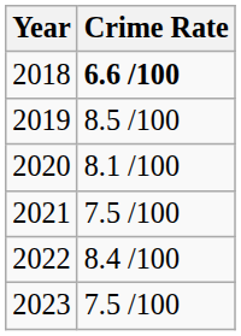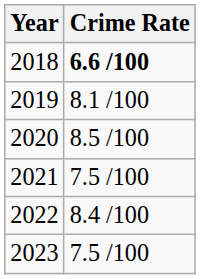 <table class="wikitable">
 <tr>
 <th>Year</th>
 <th>Crime Rate</th>
 </tr>
 <tr>
 <td>2018</td>
 <td><strong>6.6 /100</strong></td>
 </tr>
 <tr>
 <td>2019</td>
-<td>8.5 /100</td>
+<td>8.1 /100</td>
 </tr>
 <tr>
 <td>2020</td>
-<td>8.1 /100</td>
+<td>8.5 /100</td>
 </tr>
 <tr>
 <td>2021</td>
 <td>7.5 /100</td>
 </tr>
 <tr>
 <td>2022</td>
 <td>8.4 /100</td>
 </tr>
 <tr>
 <td>2023</td>
 <td>7.5 /100</td>
 </tr>
 </table>
